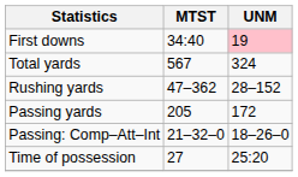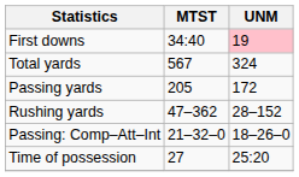 <table class="wikitable" style="float: left;">
 <tr>
 <th>Statistics</th>
 <th>MTST</th>
 <th>UNM</th>
 </tr>
 <tr>
 <td>First downs</td>
 <td>34:40</td>
 <td style="background: pink;">19</td>
 </tr>
 <tr>
 <td>Total yards</td>
 <td>567</td>
 <td>324</td>
 </tr>
 <tr>
+<td>Passing yards</td>
+<td>205</td>
+<td>172</td>
+</tr>
+<tr>
 <td>Rushing yards</td>
 <td>47–362</td>
 <td>28–152</td>
-</tr>
-<tr>
-<td>Passing yards</td>
-<td>205</td>
-<td>172</td>
 </tr>
 <tr>
 <td>Passing: Comp–Att–Int</td>
 <td>21–32–0</td>
 <td>18–26–0</td>
 </tr>
 <tr>
 <td>Time of possession</td>
 <td>27</td>
 <td>25:20</td>
 </tr>
 <tr>
 </tr>
 </table>
